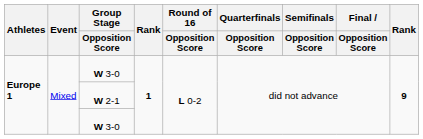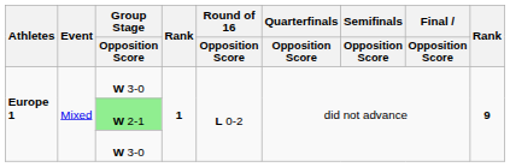 <table class=wikitable style="font-size:90%">
 <tr>
 <th rowspan="2">Athletes</th>
 <th rowspan="2">Event</th>
 <th>Group Stage</th>
 <th rowspan="2">Rank</th>
 <th>Round of 16</th>
 <th>Quarterfinals</th>
 <th>Semifinals</th>
 <th>Final / </th>
 <th rowspan=2>Rank</th>
 </tr>
 <tr style="font-size:95%">
 <th>Opposition<br>Score</th>
 <th>Opposition<br>Score</th>
 <th>Opposition<br>Score</th>
 <th>Opposition<br>Score</th>
 <th>Opposition<br>Score</th>
 </tr>
 <tr align=center>
 <td align=left rowspan=3><strong>Europe 1</strong><br><br></td>
 <td align=left rowspan=3><a href='#'>Mixed</a></td>
 <td><br><strong>W</strong> 3-0</td>
 <td rowspan=3><strong>1</strong></td>
 <td rowspan=3><br><strong>L</strong> 0-2</td>
 <td rowspan=3 colspan=3>did not advance</td>
 <td rowspan=3><strong>9</strong></td>
 </tr>
 <tr align=center>
-<td><br><strong>W</strong> 2-1</td>
+<td style="background: lightgreen;"><br><strong>W</strong> 2-1</td>
 </tr>
 <tr align=center>
 <td><br><strong>W</strong> 3-0</td>
 </tr>
 </table>
